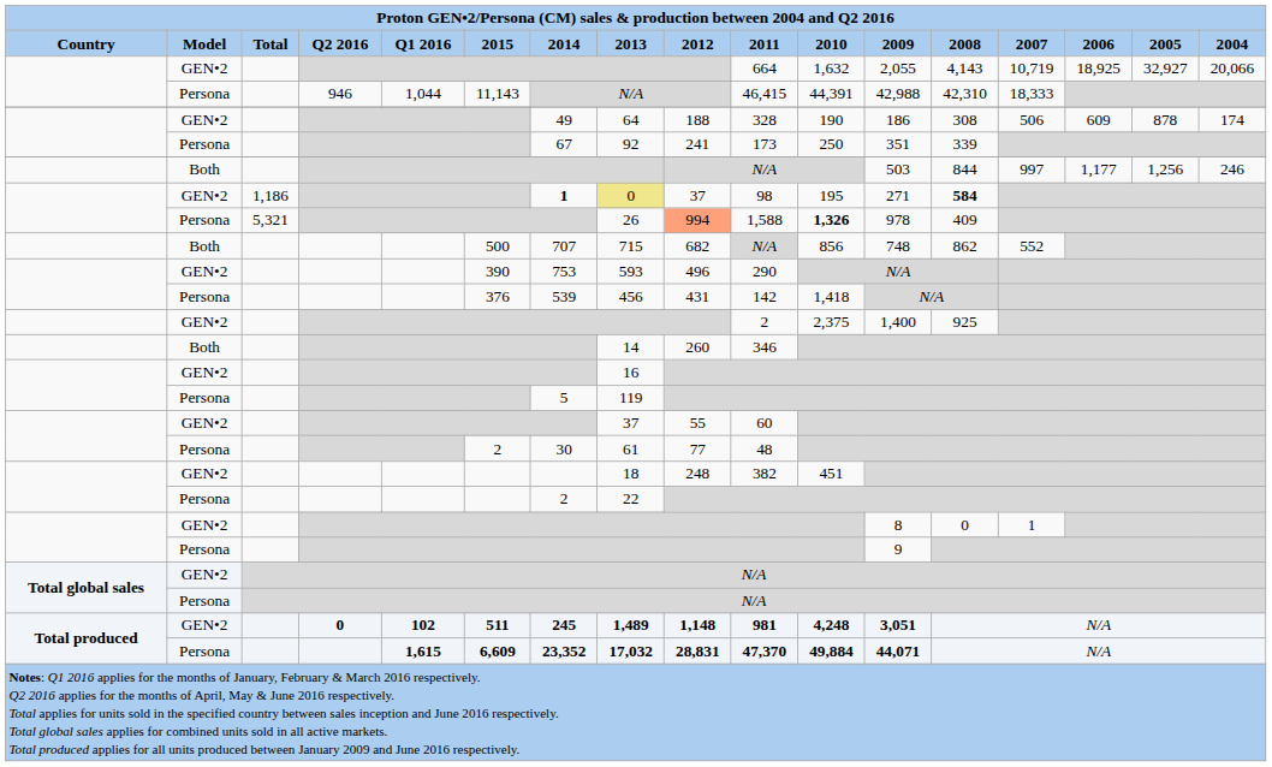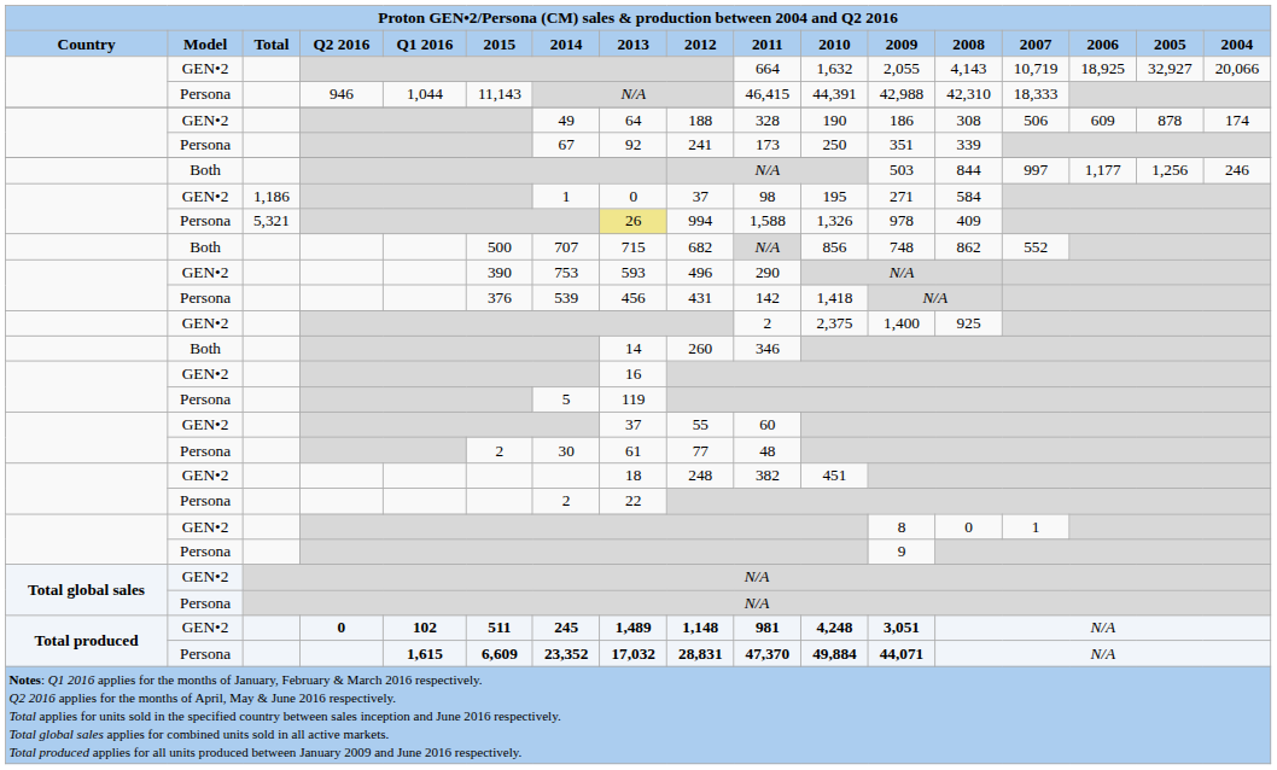 <table class="wikitable collapsible autocollapse" style="margin:1em auto 1em auto; width:100%;">
 <tr>
 <th colspan="17" style="text-align:center; background:#abcdef;">Proton GEN•2/Persona (CM) sales & production between 2004 and Q2 2016</th>
 </tr>
 <tr>
 <th style="background:#abcdef;">Country</th>
 <th style="background:#abcdef;">Model</th>
 <th style="background:#abcdef;">Total</th>
 <th style="background:#abcdef;">Q2 2016</th>
 <th style="background:#abcdef;">Q1 2016</th>
 <th style="background:#abcdef;">2015</th>
 <th style="background:#abcdef;">2014</th>
 <th style="background:#abcdef;">2013</th>
 <th style="background:#abcdef;">2012</th>
 <th style="background:#abcdef;">2011</th>
 <th style="background:#abcdef;">2010</th>
 <th style="background:#abcdef;">2009</th>
 <th style="background:#abcdef;">2008</th>
 <th style="background:#abcdef;">2007</th>
 <th style="background:#abcdef;">2006</th>
 <th style="background:#abcdef;">2005</th>
 <th style="background:#abcdef;">2004</th>
 </tr>
 <tr align="center">
 <td rowspan="2" align=left></td>
 <td>GEN•2</td>
 <td></td>
 <td style="background:#D8D8D8;" colspan="6"></td>
 <td>664</td>
 <td>1,632</td>
 <td>2,055</td>
 <td>4,143</td>
 <td>10,719</td>
 <td>18,925</td>
 <td>32,927</td>
 <td>20,066</td>
 </tr>
 <tr align="center">
 <td>Persona</td>
 <td></td>
 <td>946</td>
 <td>1,044</td>
 <td>11,143</td>
 <td style="background:#D8D8D8;" colspan="3"><em>N/A</em></td>
 <td>46,415</td>
 <td>44,391</td>
 <td>42,988</td>
 <td>42,310</td>
 <td>18,333</td>
 <td style="background:#D8D8D8;" colspan="3"></td>
 </tr>
 <tr>
 </tr>
 <tr align="center">
 <td rowspan="2" align=left></td>
 <td>GEN•2</td>
 <td></td>
 <td style="background:#D8D8D8;" colspan="3"></td>
 <td>49</td>
 <td>64</td>
 <td>188</td>
 <td>328</td>
 <td>190</td>
 <td>186</td>
 <td>308</td>
 <td>506</td>
 <td>609</td>
 <td>878</td>
 <td>174</td>
 </tr>
 <tr align="center">
 <td>Persona</td>
 <td></td>
 <td style="background:#D8D8D8;" colspan="3"></td>
 <td>67</td>
 <td>92</td>
 <td>241</td>
 <td>173</td>
 <td>250</td>
 <td>351</td>
 <td>339</td>
 <td style="background:#D8D8D8;" colspan="4"></td>
 </tr>
 <tr>
 </tr>
 <tr align="center">
 <td align=left></td>
 <td>Both</td>
 <td></td>
 <td style="background:#D8D8D8;" colspan="5"></td>
 <td style="background:#D8D8D8;" colspan="3"><em>N/A</em></td>
 <td>503</td>
 <td>844</td>
 <td>997</td>
 <td>1,177</td>
 <td>1,256</td>
 <td>246</td>
 </tr>
 <tr align="center">
 <td rowspan="2" align=left></td>
 <td>GEN•2</td>
 <td>1,186</td>
 <td style="background:#D8D8D8;" colspan="3"></td>
-<td><strong>1</strong></td>
-<td style="background: khaki;">0</td>
+<td>1</td>
+<td>0</td>
 <td>37</td>
 <td>98</td>
 <td>195</td>
 <td>271</td>
-<td><strong>584</strong></td>
+<td>584</td>
 <td style="background:#D8D8D8;" colspan="4"></td>
 </tr>
 <tr align="center">
 <td>Persona</td>
 <td>5,321</td>
 <td style="background:#D8D8D8;" colspan="4"></td>
-<td>26</td>
-<td style="background: lightsalmon;">994</td>
+<td style="background: khaki;">26</td>
+<td>994</td>
 <td>1,588</td>
-<td><strong>1,326</strong></td>
+<td>1,326</td>
 <td>978</td>
 <td>409</td>
 <td style="background:#D8D8D8;" colspan="4"></td>
 </tr>
 <tr align="center">
 <td align=left></td>
 <td>Both</td>
 <td></td>
 <td></td>
 <td></td>
 <td>500</td>
 <td>707</td>
 <td>715</td>
 <td>682</td>
 <td style="background:#D8D8D8;"><em>N/A</em></td>
 <td>856</td>
 <td>748</td>
 <td>862</td>
 <td>552</td>
 <td style="background:#D8D8D8;" colspan="3"></td>
 </tr>
 <tr align="center">
 <td rowspan="2" align=left></td>
 <td>GEN•2</td>
 <td></td>
 <td></td>
 <td></td>
 <td>390</td>
 <td>753</td>
 <td>593</td>
 <td>496</td>
 <td>290</td>
 <td style="background:#D8D8D8;" colspan="3"><em>N/A</em></td>
 <td style="background:#D8D8D8;" colspan="4"></td>
 </tr>
 <tr align="center">
 <td>Persona</td>
 <td></td>
 <td></td>
 <td></td>
 <td>376</td>
 <td>539</td>
 <td>456</td>
 <td>431</td>
 <td>142</td>
 <td>1,418</td>
 <td style="background:#D8D8D8;" colspan="2"><em>N/A</em></td>
 <td style="background:#D8D8D8;" colspan="4"></td>
 </tr>
 <tr align="center">
 <td align=left></td>
 <td>GEN•2</td>
 <td></td>
 <td style="background:#D8D8D8;" colspan="6"></td>
 <td>2</td>
 <td>2,375</td>
 <td>1,400</td>
 <td>925</td>
 <td style="background:#D8D8D8;" colspan="4"></td>
 </tr>
 <tr align="center">
 <td align=left></td>
 <td>Both</td>
 <td></td>
 <td style="background:#D8D8D8;" colspan="4"></td>
 <td>14</td>
 <td>260</td>
 <td>346</td>
 <td style="background:#D8D8D8;" colspan="7"></td>
 </tr>
 <tr align="center">
 <td rowspan="2" align=left></td>
 <td>GEN•2</td>
 <td></td>
 <td style="background:#D8D8D8;" colspan="4"></td>
 <td>16</td>
 <td style="background:#D8D8D8;" colspan="9"></td>
 </tr>
 <tr align="center">
 <td>Persona</td>
 <td></td>
 <td style="background:#D8D8D8;" colspan="3"></td>
 <td>5</td>
 <td>119</td>
 <td style="background:#D8D8D8;" colspan="9"></td>
 </tr>
 <tr align="center">
 <td rowspan="2" align=left></td>
 <td>GEN•2</td>
 <td></td>
 <td style="background:#D8D8D8;" colspan="4"></td>
 <td>37</td>
 <td>55</td>
 <td>60</td>
 <td style="background:#D8D8D8;" colspan="7"></td>
 </tr>
 <tr align="center">
 <td>Persona</td>
 <td></td>
 <td style="background:#D8D8D8;" colspan="2"></td>
 <td>2</td>
 <td>30</td>
 <td>61</td>
 <td>77</td>
 <td>48</td>
 <td style="background:#D8D8D8;" colspan="7"></td>
 </tr>
 <tr align="center">
 <td rowspan="2" align=left></td>
 <td>GEN•2</td>
 <td></td>
 <td></td>
 <td></td>
 <td></td>
 <td></td>
 <td>18</td>
 <td>248</td>
 <td>382</td>
 <td>451</td>
 <td style="background:#D8D8D8;" colspan="6"></td>
 </tr>
 <tr align="center">
 <td>Persona</td>
 <td></td>
 <td></td>
 <td></td>
 <td></td>
 <td>2</td>
 <td>22</td>
 <td style="background:#D8D8D8;" colspan="9"></td>
 </tr>
 <tr align="center">
 <td rowspan="2" align=left></td>
 <td>GEN•2</td>
 <td></td>
 <td style="background:#D8D8D8;" colspan="8"></td>
 <td>8</td>
 <td>0</td>
 <td>1</td>
 <td style="background:#D8D8D8;" colspan="3"></td>
 </tr>
 <tr align="center">
 <td>Persona</td>
 <td></td>
 <td style="background:#D8D8D8;" colspan="8"></td>
 <td>9</td>
 <td style="background:#D8D8D8;" colspan="5"></td>
 </tr>
 <tr align="center">
 <td rowspan="2" style="background:#f1f5fa;"><strong>Total global sales</strong></td>
 <td style="background:#f1f5fa;">GEN•2</td>
 <td style="background:#D8D8D8;" colspan="15"><em>N/A</em></td>
 </tr>
 <tr align="center">
 <td style="background:#f1f5fa;">Persona</td>
 <td style="background:#D8D8D8;" colspan="15"><em>N/A</em></td>
 </tr>
 <tr align="center">
 <td rowspan="2" style="background:#f1f5fa;"><strong>Total produced</strong></td>
 <td style="background:#f1f5fa;">GEN•2</td>
 <td style="background:#f1f5fa;"><strong> </strong></td>
 <td style="background:#f1f5fa;"><strong>0</strong></td>
 <td style="background:#f1f5fa;"><strong>102</strong></td>
 <td style="background:#f1f5fa;"><strong>511</strong></td>
 <td style="background:#f1f5fa;"><strong>245</strong></td>
 <td style="background:#f1f5fa;"><strong>1,489</strong></td>
 <td style="background:#f1f5fa;"><strong>1,148</strong></td>
 <td style="background:#f1f5fa;"><strong>981</strong></td>
 <td style="background:#f1f5fa;"><strong>4,248</strong></td>
 <td style="background:#f1f5fa;"><strong>3,051</strong></td>
 <td style="background:#f1f5fa;" colspan="5"><em>N/A</em></td>
 </tr>
 <tr align="center">
 <td style="background:#f1f5fa;">Persona</td>
 <td style="background:#f1f5fa;"><strong> </strong></td>
 <td style="background:#f1f5fa;"><strong> </strong></td>
 <td style="background:#f1f5fa;"><strong>1,615</strong></td>
 <td style="background:#f1f5fa;"><strong>6,609</strong></td>
 <td style="background:#f1f5fa;"><strong>23,352</strong></td>
 <td style="background:#f1f5fa;"><strong>17,032</strong></td>
 <td style="background:#f1f5fa;"><strong>28,831</strong></td>
 <td style="background:#f1f5fa;"><strong>47,370</strong></td>
 <td style="background:#f1f5fa;"><strong>49,884</strong></td>
 <td style="background:#f1f5fa;"><strong>44,071</strong></td>
 <td style="background:#f1f5fa;" colspan="5"><em>N/A</em></td>
 </tr>
 <tr align="center">
 <td colspan="17" style="text-align:left; background:#abcdef;"><small><strong>Notes</strong>: <em>Q1 2016</em> applies for the months of January, February & March 2016 respectively.<br><em>Q2 2016</em> applies for the months of April, May & June 2016 respectively.<br><em>Total</em> applies for units sold in the specified country between sales inception and June 2016 respectively.<br><em>Total global sales</em> applies for combined units sold in all active markets.<br><em>Total produced</em> applies for all units produced between January 2009 and June 2016 respectively.</small></td>
 </tr>
 </table>
